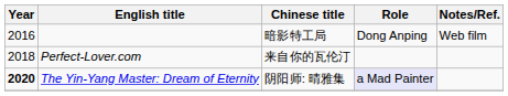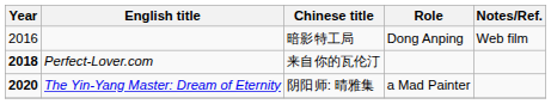 <table class="wikitable">
 <tr>
 <th>Year</th>
 <th>English title</th>
 <th>Chinese title</th>
 <th>Role</th>
 <th>Notes/Ref.</th>
 </tr>
 <tr>
 <td>2016</td>
 <td></td>
 <td>暗影特工局</td>
 <td>Dong Anping</td>
 <td>Web film</td>
 </tr>
 <tr>
-<td>2018</td>
+<td><strong>2018</strong></td>
 <td><em>Perfect-Lover.com </em></td>
 <td>来自你的瓦伦汀</td>
 <td></td>
 <td></td>
 </tr>
 <tr>
 <td><strong>2020</strong></td>
 <td><em><a href='#'>The Yin-Yang Master: Dream of Eternity</a></em></td>
 <td>阴阳师: 晴雅集</td>
-<td style="background: lavender;">a Mad Painter</td>
+<td>a Mad Painter</td>
 <td></td>
 </tr>
 <tr>
 </tr>
 </table>
